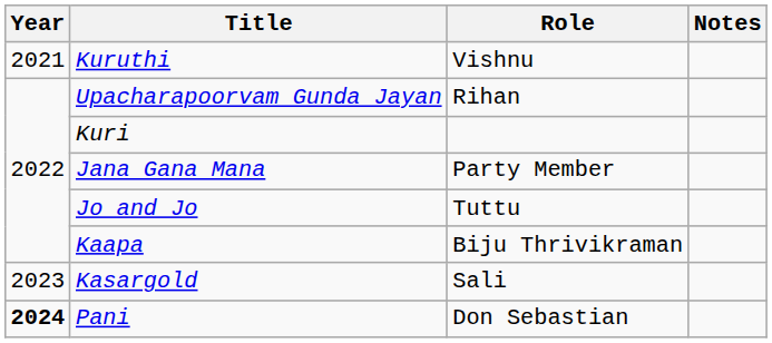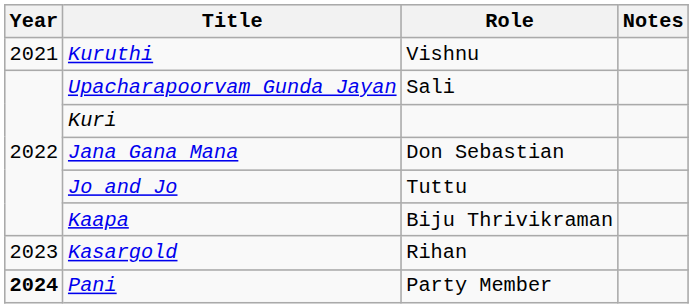 <table class="wikitable">
 <tr>
 <th>Year</th>
 <th>Title</th>
 <th>Role</th>
 <th>Notes</th>
 </tr>
 <tr>
 <td>2021</td>
 <td><em><a href='#'>Kuruthi</a></em></td>
 <td>Vishnu</td>
 <td></td>
 </tr>
 <tr>
 <td rowspan=5>2022</td>
 <td><em><a href='#'>Upacharapoorvam Gunda Jayan</a></em></td>
-<td>Rihan</td>
+<td>Sali</td>
 <td></td>
 </tr>
 <tr>
 <td><em>Kuri</em></td>
 <td></td>
 <td></td>
 </tr>
 <tr>
 <td><em><a href='#'>Jana Gana Mana</a></em></td>
-<td>Party Member</td>
+<td>Don Sebastian</td>
 <td></td>
 </tr>
 <tr>
 <td><em><a href='#'>Jo and Jo</a></em></td>
 <td>Tuttu</td>
 <td></td>
 </tr>
 <tr>
 <td><em><a href='#'>Kaapa</a></em></td>
 <td>Biju Thrivikraman</td>
 <td></td>
 </tr>
 <tr>
 <td>2023</td>
 <td><em><a href='#'>Kasargold</a></em></td>
-<td>Sali</td>
+<td>Rihan</td>
 <td></td>
 </tr>
 <tr>
 <td><strong>2024</strong></td>
 <td><em><a href='#'>Pani</a></em></td>
-<td>Don Sebastian</td>
+<td>Party Member</td>
 <td></td>
 </tr>
 </table>
